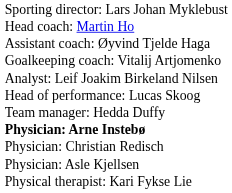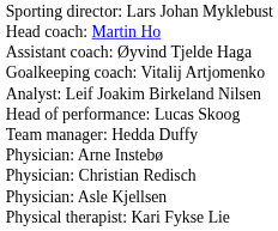 <table cellpadding="0" cellspacing="2">
 <tr>
 <td>Sporting director: Lars Johan Myklebust</td>
 </tr>
 <tr>
 <td>Head coach: <a href='#'>Martin Ho</a></td>
 </tr>
 <tr>
 <td>Assistant coach: Øyvind Tjelde Haga</td>
 </tr>
 <tr>
 <td>Goalkeeping coach: Vitalij Artjomenko</td>
 </tr>
 <tr>
 <td>Analyst: Leif Joakim Birkeland Nilsen</td>
 </tr>
 <tr>
 <td>Head of performance: Lucas Skoog</td>
 </tr>
 <tr>
 <td>Team manager: Hedda Duffy</td>
 </tr>
 <tr>
-<td><strong>Physician: Arne Instebø</strong></td>
+<td>Physician: Arne Instebø</td>
 </tr>
 <tr>
 <td>Physician: Christian Redisch</td>
 </tr>
 <tr>
 <td>Physician: Asle Kjellsen</td>
 </tr>
 <tr>
 <td>Physical therapist: Kari Fykse Lie</td>
 </tr>
 </table>
